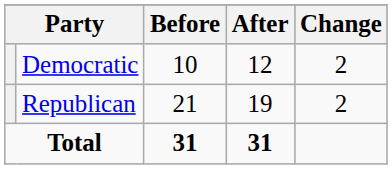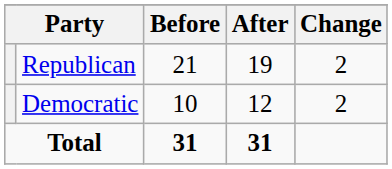 <table class="wikitable" style="text-align:center;">
 <tr>
 </tr>
 <tr>
 <th colspan=2>Party</th>
 <th>Before</th>
 <th>After</th>
 <th>Change</th>
 </tr>
 <tr>
 <th style="background-color:"></th>
-<td style="text-align:left;"><a href='#'>Democratic</a></td>
-<td>10</td>
-<td>12</td>
+<td style="text-align:left;"><a href='#'>Republican</a></td>
+<td>21</td>
+<td>19</td>
 <td> 2</td>
 </tr>
 <tr>
 <th style="background-color:"></th>
-<td style="text-align:left;"><a href='#'>Republican</a></td>
-<td>21</td>
-<td>19</td>
+<td style="text-align:left;"><a href='#'>Democratic</a></td>
+<td>10</td>
+<td>12</td>
 <td> 2</td>
 </tr>
 <tr>
 <td colspan=2><strong>Total</strong></td>
 <td><strong>31</strong></td>
 <td><strong>31</strong></td>
 <td></td>
 </tr>
 </table>
